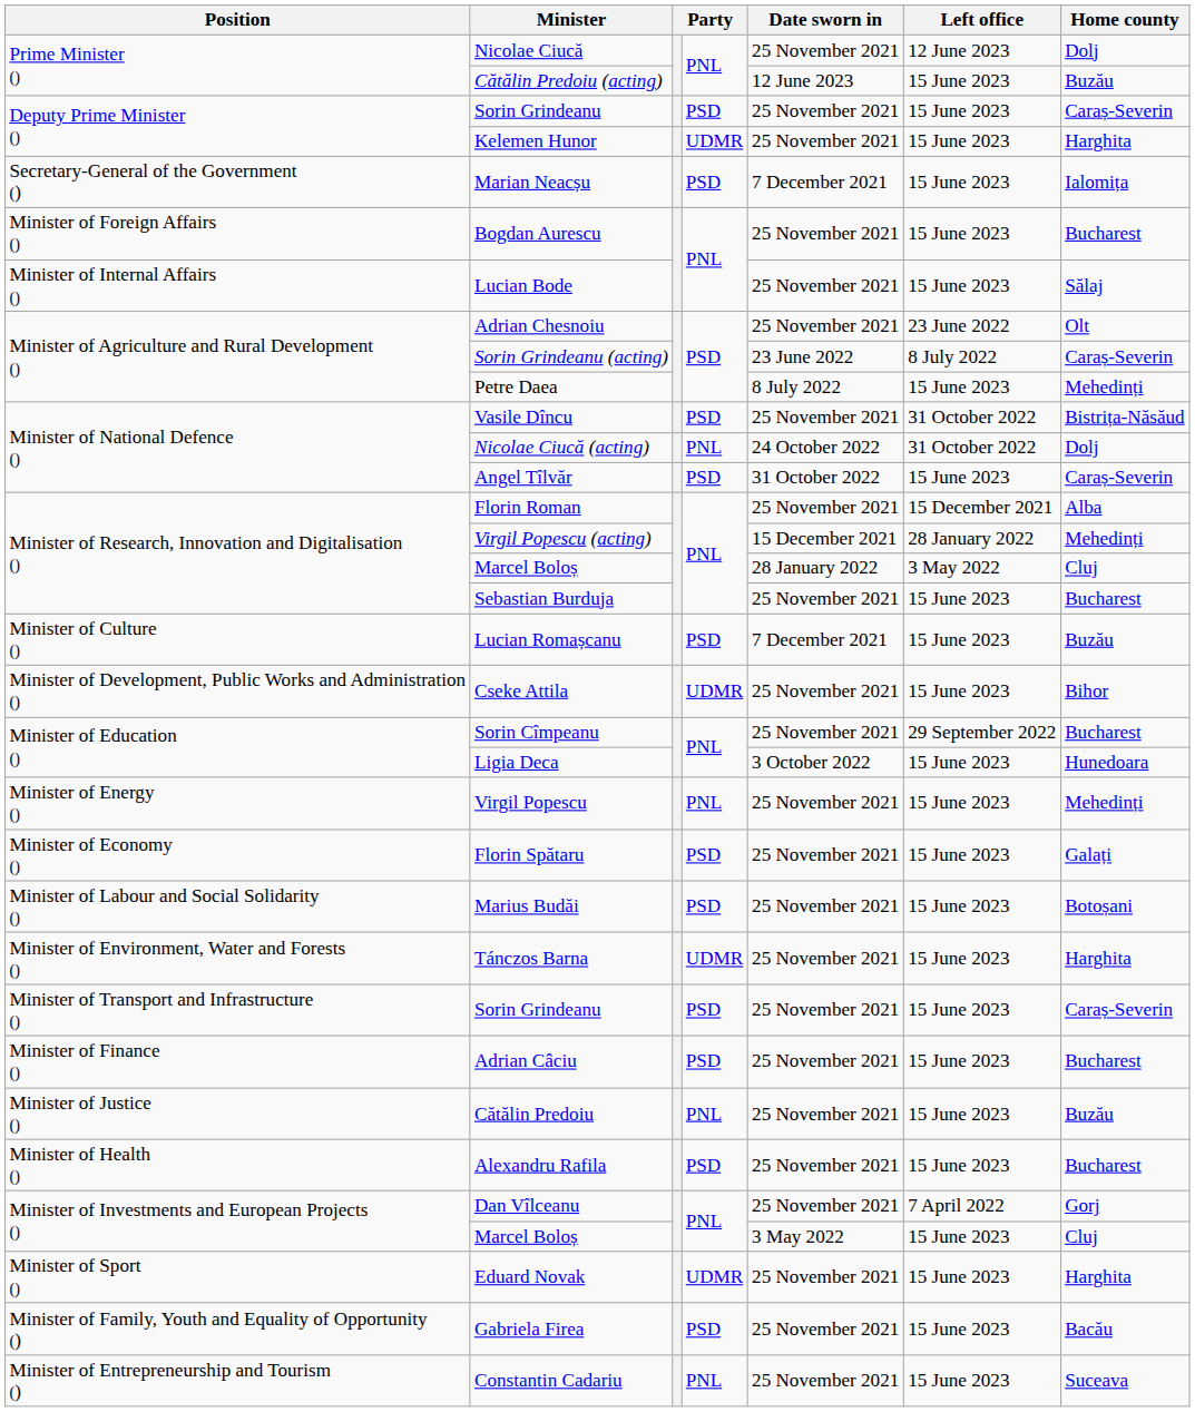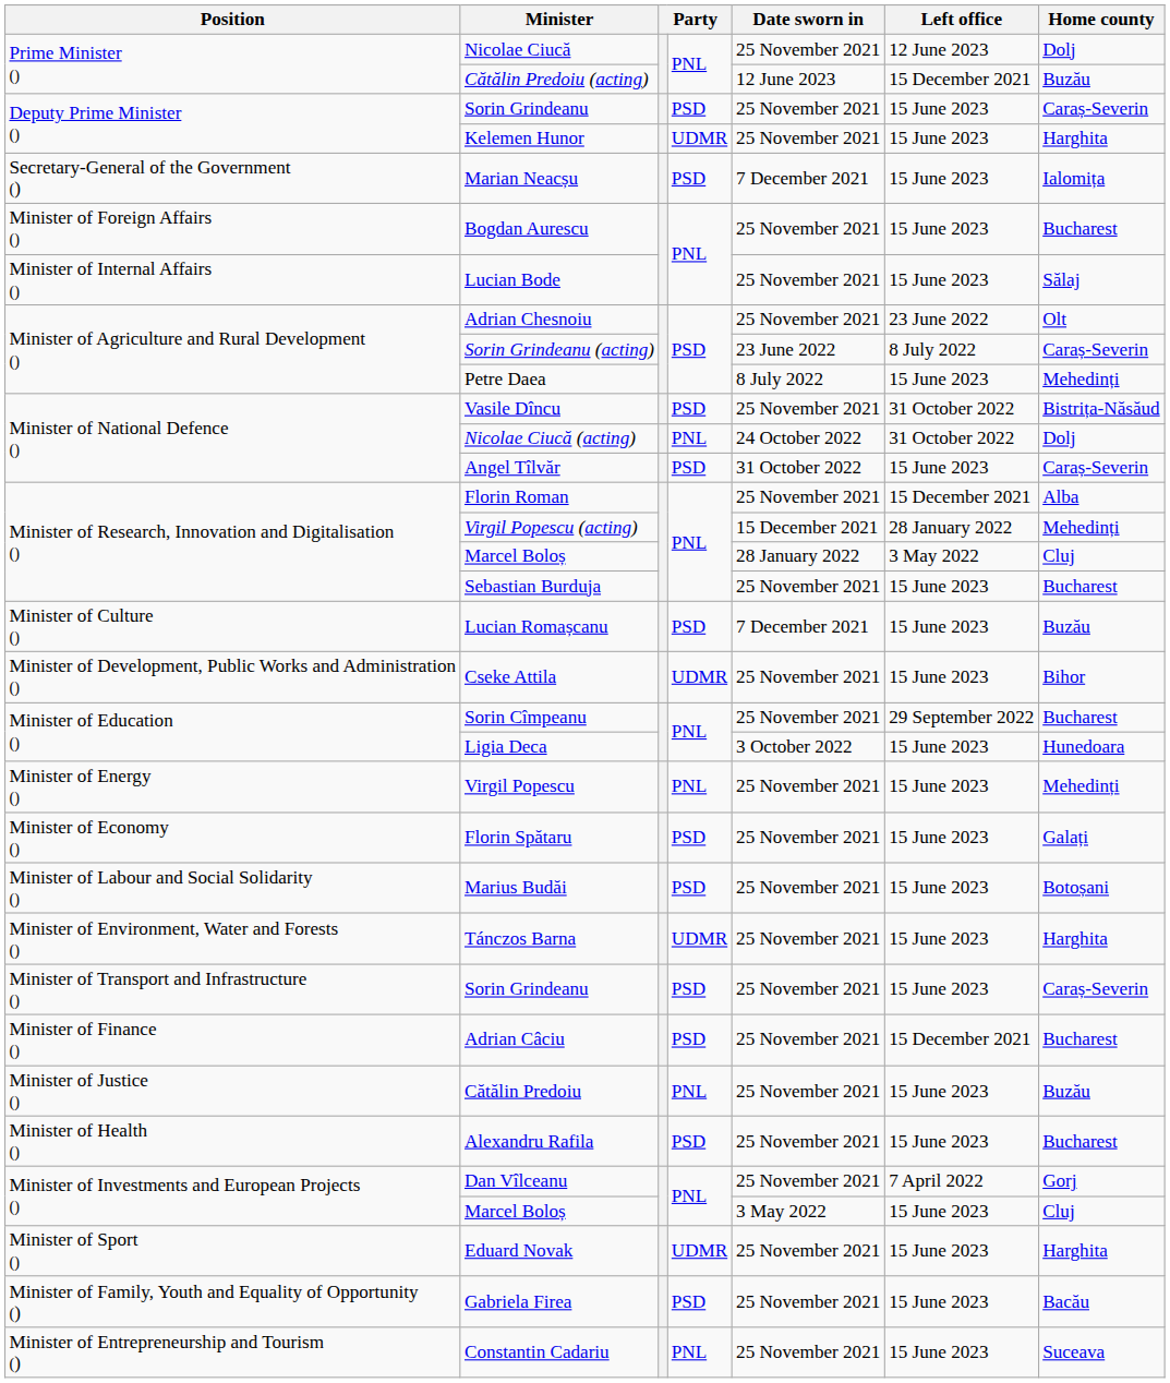 <table class="wikitable">
 <tr>
 <th>Position</th>
 <th>Minister</th>
 <th colspan="2">Party</th>
 <th>Date sworn in</th>
 <th>Left office</th>
 <th>Home county</th>
 </tr>
 <tr style="vertical-align:middle;">
 <td rowspan="2"><a href='#'>Prime Minister</a><br><small>()</small></td>
 <td><a href='#'>Nicolae Ciucă</a></td>
 <th rowspan="2" style="background-color: "></th>
 <td rowspan="2"><a href='#'>PNL</a></td>
 <td>25 November 2021</td>
 <td>12 June 2023</td>
 <td><a href='#'>Dolj</a></td>
 </tr>
 <tr>
 <td><em><a href='#'>Cătălin Predoiu</a> (<a href='#'>acting</a>)</em></td>
 <td>12 June 2023</td>
-<td>15 June 2023</td>
+<td>15 December 2021</td>
 <td><a href='#'>Buzău</a></td>
 </tr>
 <tr>
 <td rowspan="2" style="vertical-align:middle;"><a href='#'>Deputy Prime Minister</a><br><small>()</small></td>
 <td style="vertical-align:middle;"><a href='#'>Sorin Grindeanu</a></td>
 <th style="background-color: "></th>
 <td style="vertical-align:middle;"><a href='#'>PSD</a></td>
 <td>25 November 2021</td>
 <td>15 June 2023</td>
 <td><a href='#'>Caraș-Severin</a></td>
 </tr>
 <tr>
 <td><a href='#'>Kelemen Hunor</a></td>
 <th style="background-color: "></th>
 <td><a href='#'>UDMR</a></td>
 <td>25 November 2021</td>
 <td>15 June 2023</td>
 <td><a href='#'>Harghita</a></td>
 </tr>
 <tr>
 <td>Secretary-General of the Government<br><small>(</small>)</td>
 <td><a href='#'>Marian Neacșu</a></td>
 <th style="background-color: "></th>
 <td><a href='#'>PSD</a></td>
 <td>7 December 2021</td>
 <td>15 June 2023</td>
 <td><a href='#'>Ialomița</a></td>
 </tr>
 <tr>
 <td style="vertical-align:middle;">Minister of Foreign Affairs<br><small>()</small></td>
 <td style="vertical-align:middle;"><a href='#'>Bogdan Aurescu</a></td>
 <th rowspan="2" style="background-color: "></th>
 <td rowspan="2" style="vertical-align:middle;"><a href='#'>PNL</a></td>
 <td>25 November 2021</td>
 <td>15 June 2023</td>
 <td><a href='#'>Bucharest</a></td>
 </tr>
 <tr>
 <td style="vertical-align:middle;">Minister of Internal Affairs<br><small>()</small></td>
 <td style="vertical-align:middle;"><a href='#'>Lucian Bode</a></td>
 <td>25 November 2021</td>
 <td>15 June 2023</td>
 <td><a href='#'>Sălaj</a></td>
 </tr>
 <tr>
 <td rowspan="3" style="vertical-align:middle;">Minister of Agriculture and Rural Development<br><small>()</small></td>
 <td style="vertical-align:middle;"><a href='#'>Adrian Chesnoiu</a></td>
 <th rowspan="3" style="background-color: "></th>
 <td rowspan="3"><a href='#'>PSD</a></td>
 <td>25 November 2021</td>
 <td>23 June 2022</td>
 <td><a href='#'>Olt</a></td>
 </tr>
 <tr>
 <td><em><a href='#'>Sorin Grindeanu</a> (<a href='#'>acting</a>)</em></td>
 <td>23 June 2022</td>
 <td>8 July 2022</td>
 <td><a href='#'>Caraș-Severin</a></td>
 </tr>
 <tr>
 <td>Petre Daea</td>
 <td>8 July 2022</td>
 <td>15 June 2023</td>
 <td><a href='#'>Mehedinți</a></td>
 </tr>
 <tr>
 <td rowspan="3" style="vertical-align:middle;">Minister of National Defence<br><small>()</small></td>
 <td><a href='#'>Vasile Dîncu</a></td>
 <th style="background-color: "></th>
 <td style="vertical-align:middle;"><a href='#'>PSD</a></td>
 <td>25 November 2021</td>
 <td>31 October 2022</td>
 <td><a href='#'>Bistrița-Năsăud</a></td>
 </tr>
 <tr>
 <td><em><a href='#'>Nicolae Ciucă</a> (<a href='#'>acting</a>)</em></td>
 <th style="background-color: "></th>
 <td><a href='#'>PNL</a></td>
 <td>24 October 2022</td>
 <td>31 October 2022</td>
 <td><a href='#'>Dolj</a></td>
 </tr>
 <tr>
 <td><a href='#'>Angel Tîlvăr</a></td>
 <th style="background-color: "></th>
 <td><a href='#'>PSD</a></td>
 <td>31 October 2022</td>
 <td>15 June 2023</td>
 <td><a href='#'>Caraș-Severin</a></td>
 </tr>
 <tr>
 <td rowspan="4" style="vertical-align:middle;">Minister of Research, Innovation and Digitalisation<br><small>()</small></td>
 <td><a href='#'>Florin Roman</a></td>
 <th rowspan="4" style="background-color: "></th>
 <td rowspan="4"><a href='#'>PNL</a></td>
 <td>25 November 2021</td>
 <td>15 December 2021</td>
 <td><a href='#'>Alba</a></td>
 </tr>
 <tr>
 <td><em><a href='#'>Virgil Popescu</a> (<a href='#'>acting</a>)</em></td>
 <td>15 December 2021</td>
 <td>28 January 2022</td>
 <td><a href='#'>Mehedinți</a></td>
 </tr>
 <tr>
 <td><a href='#'>Marcel Boloș</a></td>
 <td>28 January 2022</td>
 <td>3 May 2022</td>
 <td><a href='#'>Cluj</a></td>
 </tr>
 <tr>
 <td><a href='#'>Sebastian Burduja</a></td>
 <td>25 November 2021</td>
 <td>15 June 2023</td>
 <td><a href='#'>Bucharest</a></td>
 </tr>
 <tr>
 <td style="vertical-align:middle;">Minister of Culture<br><small>()</small></td>
 <td><a href='#'>Lucian Romașcanu</a></td>
 <th style="background-color: "></th>
 <td style="vertical-align:middle;"><a href='#'>PSD</a></td>
 <td>7 December 2021</td>
 <td>15 June 2023</td>
 <td><a href='#'>Buzău</a></td>
 </tr>
 <tr>
 <td style="vertical-align:middle;">Minister of Development, Public Works and Administration<br><small>()</small></td>
 <td style="vertical-align:middle;"><a href='#'>Cseke Attila</a></td>
 <th style="background-color: "></th>
 <td><a href='#'>UDMR</a></td>
 <td>25 November 2021</td>
 <td>15 June 2023</td>
 <td><a href='#'>Bihor</a></td>
 </tr>
 <tr>
 <td rowspan="2">Minister of Education<br><small>()</small></td>
 <td style="vertical-align:middle;"><a href='#'>Sorin Cîmpeanu</a></td>
 <th rowspan="2" style="background-color: "></th>
 <td rowspan="2" style="vertical-align:middle;"><a href='#'>PNL</a></td>
 <td>25 November 2021</td>
 <td>29 September 2022</td>
 <td><a href='#'>Bucharest</a></td>
 </tr>
 <tr>
 <td style="vertical-align:middle;"><a href='#'>Ligia Deca</a></td>
 <td>3 October 2022</td>
 <td>15 June 2023</td>
 <td><a href='#'>Hunedoara</a></td>
 </tr>
 <tr>
 <td style="vertical-align:middle;">Minister of Energy<br><small>()</small></td>
 <td style="vertical-align:middle;"><a href='#'>Virgil Popescu</a></td>
 <th style="background-color: "></th>
 <td style="vertical-align:middle;"><a href='#'>PNL</a></td>
 <td>25 November 2021</td>
 <td>15 June 2023</td>
 <td><a href='#'>Mehedinți</a></td>
 </tr>
 <tr>
 <td>Minister of Economy<br><small>()</small></td>
 <td style="vertical-align:middle;"><a href='#'>Florin Spătaru</a></td>
 <th style="background-color: "></th>
 <td><a href='#'>PSD</a></td>
 <td>25 November 2021</td>
 <td>15 June 2023</td>
 <td><a href='#'>Galați</a></td>
 </tr>
 <tr>
 <td style="vertical-align:middle;">Minister of Labour and Social Solidarity<br><small>()</small></td>
 <td><a href='#'>Marius Budăi</a></td>
 <th style="background-color: "></th>
 <td style="vertical-align:middle;"><a href='#'>PSD</a></td>
 <td>25 November 2021</td>
 <td>15 June 2023</td>
 <td><a href='#'>Botoșani</a></td>
 </tr>
 <tr>
 <td style="vertical-align:middle;">Minister of Environment, Water and Forests<br><small>()</small></td>
 <td style="vertical-align:middle;"><a href='#'>Tánczos Barna</a></td>
 <th style="background-color: "></th>
 <td><a href='#'>UDMR</a></td>
 <td>25 November 2021</td>
 <td>15 June 2023</td>
 <td><a href='#'>Harghita</a></td>
 </tr>
 <tr>
 <td style="vertical-align:middle;">Minister of Transport and Infrastructure<br><small>()</small></td>
 <td style="vertical-align:middle;"><a href='#'>Sorin Grindeanu</a></td>
 <th style="background-color: "></th>
 <td><a href='#'>PSD</a></td>
 <td>25 November 2021</td>
 <td>15 June 2023</td>
 <td><a href='#'>Caraș-Severin</a></td>
 </tr>
 <tr>
 <td style="vertical-align:middle;">Minister of Finance<br><small>()</small></td>
 <td style="vertical-align:middle;"><a href='#'>Adrian Câciu</a></td>
 <th style="background-color: "></th>
 <td style="vertical-align:middle;"><a href='#'>PSD</a></td>
 <td>25 November 2021</td>
-<td>15 June 2023</td>
+<td>15 December 2021</td>
 <td><a href='#'>Bucharest</a></td>
 </tr>
 <tr>
 <td style="vertical-align:middle;">Minister of Justice<br><small>()</small></td>
 <td style="vertical-align:middle;"><a href='#'>Cătălin Predoiu</a></td>
 <th style="background-color: "></th>
 <td><a href='#'>PNL</a></td>
 <td>25 November 2021</td>
 <td>15 June 2023</td>
 <td><a href='#'>Buzău</a></td>
 </tr>
 <tr>
 <td style="vertical-align:middle;">Minister of Health<br><small>()</small></td>
 <td><a href='#'>Alexandru Rafila</a></td>
 <th style="background-color: "></th>
 <td><a href='#'>PSD</a></td>
 <td>25 November 2021</td>
 <td>15 June 2023</td>
 <td><a href='#'>Bucharest</a></td>
 </tr>
 <tr>
 <td rowspan="2">Minister of Investments and European Projects<br><small>()</small></td>
 <td><a href='#'>Dan Vîlceanu</a></td>
 <th rowspan="2" style="background-color: "></th>
 <td rowspan="2"><a href='#'>PNL</a></td>
 <td>25 November 2021</td>
 <td>7 April 2022</td>
 <td><a href='#'>Gorj</a></td>
 </tr>
 <tr>
 <td><a href='#'>Marcel Boloș</a></td>
 <td>3 May 2022</td>
 <td>15 June 2023</td>
 <td><a href='#'>Cluj</a></td>
 </tr>
 <tr>
 <td style="vertical-align:middle;">Minister of Sport<br><small>()</small></td>
 <td style="vertical-align:middle;"><a href='#'>Eduard Novak</a></td>
 <th style="background-color: "></th>
 <td><a href='#'>UDMR</a></td>
 <td>25 November 2021</td>
 <td>15 June 2023</td>
 <td><a href='#'>Harghita</a></td>
 </tr>
 <tr>
 <td>Minister of Family, Youth and Equality of Opportunity<br><small>(</small>)</td>
 <td><a href='#'>Gabriela Firea</a></td>
 <th style="background-color: "></th>
 <td><a href='#'>PSD</a></td>
 <td>25 November 2021</td>
 <td>15 June 2023</td>
 <td><a href='#'>Bacău</a></td>
 </tr>
 <tr>
 <td>Minister of Entrepreneurship and Tourism<br><small>(</small>)</td>
 <td><a href='#'>Constantin Cadariu</a></td>
 <th style="background-color: "></th>
 <td><a href='#'>PNL</a></td>
 <td>25 November 2021</td>
 <td>15 June 2023</td>
 <td><a href='#'>Suceava</a></td>
 </tr>
 </table>
